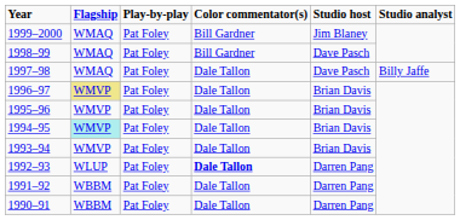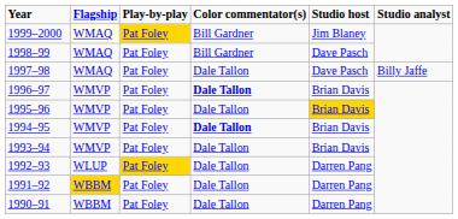 <table class="wikitable">
 <tr>
 <td width="80"><strong>Year</strong></td>
 <td><strong><a href='#'>Flagship</a></strong></td>
 <td><strong>Play-by-play</strong></td>
 <td><strong>Color commentator(s)</strong></td>
 <td><strong>Studio host</strong></td>
 <td><strong>Studio analyst</strong></td>
 </tr>
 <tr>
 <td><a href='#'>1999–2000</a></td>
-<td><a href='#'>WMAQ</a></td>
-<td><a href='#'>Pat Foley</a></td>
+<td style="background: lightyellow;"><a href='#'>WMAQ</a></td>
+<td style="background: gold;"><a href='#'>Pat Foley</a></td>
 <td><a href='#'>Bill Gardner</a></td>
 <td><a href='#'>Jim Blaney</a></td>
 </tr>
 <tr>
 <td><a href='#'>1998–99</a></td>
 <td><a href='#'>WMAQ</a></td>
 <td><a href='#'>Pat Foley</a></td>
 <td><a href='#'>Bill Gardner</a></td>
 <td><a href='#'>Dave Pasch</a></td>
 </tr>
 <tr>
 <td><a href='#'>1997–98</a></td>
 <td><a href='#'>WMAQ</a></td>
 <td><a href='#'>Pat Foley</a></td>
 <td><a href='#'>Dale Tallon</a></td>
 <td><a href='#'>Dave Pasch</a></td>
 <td><a href='#'>Billy Jaffe</a></td>
 </tr>
 <tr>
 <td><a href='#'>1996–97</a></td>
-<td style="background: khaki;"><a href='#'>WMVP</a></td>
+<td><a href='#'>WMVP</a></td>
 <td><a href='#'>Pat Foley</a></td>
-<td><a href='#'>Dale Tallon</a></td>
+<td><strong><a href='#'>Dale Tallon</a></strong></td>
 <td><a href='#'>Brian Davis</a></td>
 </tr>
 <tr>
 <td><a href='#'>1995–96</a></td>
 <td><a href='#'>WMVP</a></td>
 <td><a href='#'>Pat Foley</a></td>
 <td><a href='#'>Dale Tallon</a></td>
-<td><a href='#'>Brian Davis</a></td>
+<td style="background: gold;"><a href='#'>Brian Davis</a></td>
 </tr>
 <tr>
 <td><a href='#'>1994–95</a></td>
-<td style="background: paleturquoise;"><a href='#'>WMVP</a></td>
+<td><a href='#'>WMVP</a></td>
 <td><a href='#'>Pat Foley</a></td>
-<td><a href='#'>Dale Tallon</a></td>
+<td><strong><a href='#'>Dale Tallon</a></strong></td>
 <td><a href='#'>Brian Davis</a></td>
 </tr>
 <tr>
 <td><a href='#'>1993–94</a></td>
 <td><a href='#'>WMVP</a></td>
 <td><a href='#'>Pat Foley</a></td>
 <td><a href='#'>Dale Tallon</a></td>
 <td><a href='#'>Brian Davis</a></td>
 </tr>
 <tr>
 <td><a href='#'>1992–93</a></td>
 <td><a href='#'>WLUP</a></td>
-<td><a href='#'>Pat Foley</a></td>
-<td><strong><a href='#'>Dale Tallon</a></strong></td>
+<td style="background: gold;"><a href='#'>Pat Foley</a></td>
+<td><a href='#'>Dale Tallon</a></td>
 <td><a href='#'>Darren Pang</a></td>
 </tr>
 <tr>
 <td><a href='#'>1991–92</a></td>
-<td><a href='#'>WBBM</a></td>
+<td style="background: gold;"><a href='#'>WBBM</a></td>
 <td><a href='#'>Pat Foley</a></td>
 <td><a href='#'>Dale Tallon</a></td>
 <td><a href='#'>Darren Pang</a></td>
 </tr>
 <tr>
 <td><a href='#'>1990–91</a></td>
 <td><a href='#'>WBBM</a></td>
 <td><a href='#'>Pat Foley</a></td>
 <td><a href='#'>Dale Tallon</a></td>
 <td><a href='#'>Darren Pang</a></td>
 </tr>
 </table>
